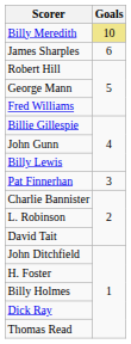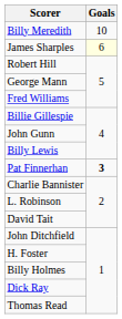 <table class="wikitable">
 <tr>
 <th>Scorer</th>
 <th>Goals</th>
 </tr>
 <tr>
 <td> <a href='#'>Billy Meredith</a></td>
-<td align=center style="background: khaki;">10</td>
+<td align=center>10</td>
 </tr>
 <tr>
 <td>James Sharples</td>
-<td align=center>6</td>
+<td align=center style="background: lightyellow;">6</td>
 </tr>
 <tr>
 <td>Robert Hill</td>
 <td rowspan="3" align=center>5</td>
 </tr>
 <tr>
 <td>George Mann</td>
 </tr>
 <tr>
 <td> <a href='#'>Fred Williams</a></td>
 </tr>
 <tr>
 <td> <a href='#'>Billie Gillespie</a></td>
 <td rowspan="3" align=center>4</td>
 </tr>
 <tr>
 <td> John Gunn</td>
 </tr>
 <tr>
 <td> <a href='#'>Billy Lewis</a></td>
 </tr>
 <tr>
 <td> <a href='#'>Pat Finnerhan</a></td>
-<td align=center>3</td>
+<td align=center><strong>3</strong></td>
 </tr>
 <tr>
 <td>Charlie Bannister</td>
 <td rowspan="3" align=center>2</td>
 </tr>
 <tr>
 <td>L. Robinson</td>
 </tr>
 <tr>
 <td>David Tait</td>
 </tr>
 <tr>
 <td>John Ditchfield</td>
 <td rowspan="5" align=center>1</td>
 </tr>
 <tr>
 <td>H. Foster</td>
 </tr>
 <tr>
 <td>Billy Holmes</td>
 </tr>
 <tr>
 <td> <a href='#'>Dick Ray</a></td>
 </tr>
 <tr>
 <td>Thomas Read</td>
 </tr>
 </table>
